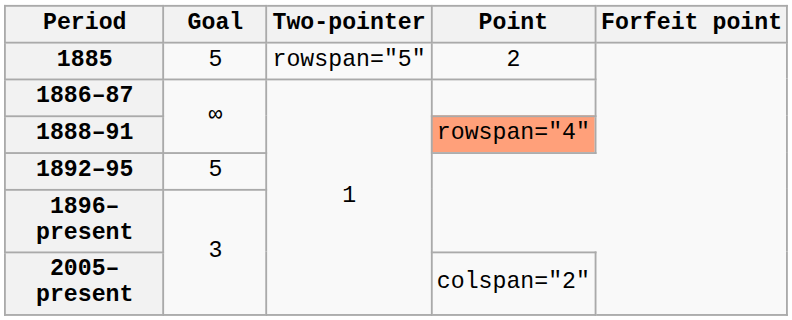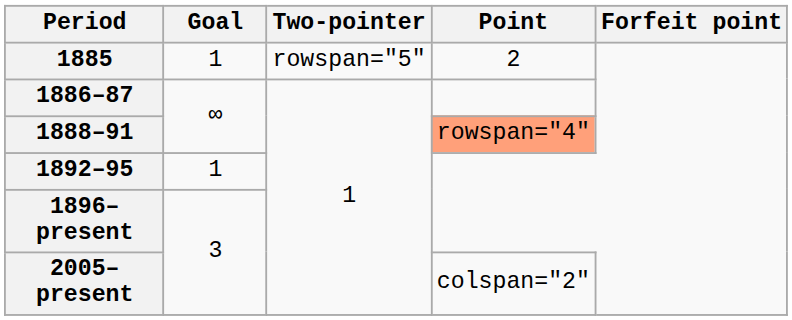 <table class="wikitable" style="font-size:97%; text-align:center; float:right;">
 <tr>
 <th width="80">Period</th>
 <th width="50">Goal</th>
 <th>Two-pointer</th>
 <th>Point</th>
 <th>Forfeit point</th>
 </tr>
 <tr>
 <th>1885</th>
-<td>5</td>
+<td>1</td>
 <td>rowspan="5" </td>
 <td rowspan="1">2</td>
 </tr>
 <tr>
 <th>1886–87</th>
 <td rowspan="2">∞</td>
 <td rowspan="5">1</td>
 <td></td>
 </tr>
 <tr>
 <th>1888–91</th>
 <td style="background: lightsalmon;">rowspan="4" </td>
 </tr>
 <tr>
 <th>1892–95</th>
-<td>5</td>
+<td>1</td>
 </tr>
 <tr>
 <th>1896–present</th>
 <td rowspan="2">3</td>
 </tr>
 <tr>
 <th>2005–present<br></th>
 <td>colspan="2" </td>
 </tr>
 </table>
